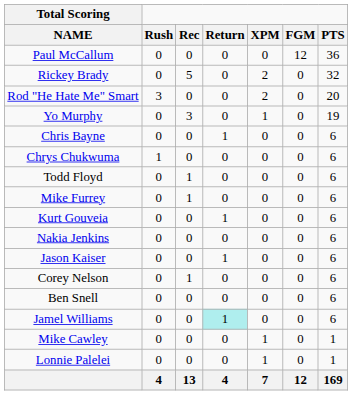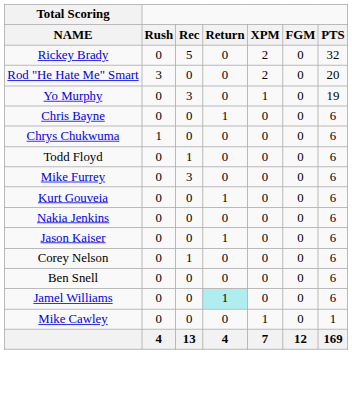 <table class="wikitable sortable" style="text-align:center;">
 <tr>
 <th style="text-align:center;">Total Scoring</th>
 </tr>
 <tr>
 <th>NAME</th>
 <th>Rush</th>
 <th>Rec</th>
 <th>Return</th>
 <th>XPM</th>
 <th>FGM</th>
 <th>PTS</th>
-</tr>
-<tr>
-<td><a href='#'>Paul McCallum</a></td>
-<td>0</td>
-<td>0</td>
-<td>0</td>
-<td>0</td>
-<td>12</td>
-<td>36</td>
 </tr>
 <tr>
 <td><a href='#'>Rickey Brady</a></td>
 <td>0</td>
 <td>5</td>
 <td>0</td>
 <td>2</td>
 <td>0</td>
 <td>32</td>
 </tr>
 <tr>
 <td><a href='#'>Rod "He Hate Me" Smart</a></td>
 <td>3</td>
 <td>0</td>
 <td>0</td>
 <td>2</td>
 <td>0</td>
 <td>20</td>
 </tr>
 <tr>
 <td><a href='#'>Yo Murphy</a></td>
 <td>0</td>
 <td>3</td>
 <td>0</td>
 <td>1</td>
 <td>0</td>
 <td>19</td>
 </tr>
 <tr>
 <td><a href='#'>Chris Bayne</a></td>
 <td>0</td>
 <td>0</td>
 <td><abbr>1</abbr></td>
 <td>0</td>
 <td>0</td>
 <td>6</td>
 </tr>
 <tr>
 <td><a href='#'>Chrys Chukwuma</a></td>
 <td>1</td>
 <td>0</td>
 <td>0</td>
 <td>0</td>
 <td>0</td>
 <td>6</td>
 </tr>
 <tr>
 <td>Todd Floyd</td>
 <td>0</td>
 <td>1</td>
 <td>0</td>
 <td>0</td>
 <td>0</td>
 <td>6</td>
 </tr>
 <tr>
 <td><a href='#'>Mike Furrey</a></td>
 <td>0</td>
-<td>1</td>
+<td>3</td>
 <td>0</td>
 <td>0</td>
 <td>0</td>
 <td>6</td>
 </tr>
 <tr>
 <td><a href='#'>Kurt Gouveia</a></td>
 <td>0</td>
 <td>0</td>
 <td><abbr>1</abbr></td>
 <td>0</td>
 <td>0</td>
 <td>6</td>
 </tr>
 <tr>
 <td><a href='#'>Nakia Jenkins</a></td>
 <td>0</td>
 <td>0</td>
 <td>0</td>
 <td>0</td>
 <td>0</td>
 <td>6</td>
 </tr>
 <tr>
 <td><a href='#'>Jason Kaiser</a></td>
 <td>0</td>
 <td>0</td>
 <td><abbr>1</abbr></td>
 <td>0</td>
 <td>0</td>
 <td>6</td>
 </tr>
 <tr>
 <td>Corey Nelson</td>
 <td>0</td>
 <td>1</td>
 <td>0</td>
 <td>0</td>
 <td>0</td>
 <td>6</td>
 </tr>
 <tr>
 <td>Ben Snell</td>
 <td>0</td>
 <td>0</td>
 <td>0</td>
 <td>0</td>
 <td>0</td>
 <td>6</td>
 </tr>
 <tr>
 <td><a href='#'>Jamel Williams</a></td>
 <td>0</td>
 <td>0</td>
 <td style="background: paleturquoise;"><abbr>1</abbr></td>
 <td>0</td>
 <td>0</td>
 <td>6</td>
 </tr>
 <tr>
 <td><a href='#'>Mike Cawley</a></td>
 <td>0</td>
 <td>0</td>
 <td>0</td>
 <td>1</td>
 <td>0</td>
 <td>1</td>
 </tr>
 <tr>
-<td><a href='#'>Lonnie Palelei</a></td>
-<td>0</td>
-<td>0</td>
-<td>0</td>
-<td>1</td>
-<td>0</td>
-<td>1</td>
-</tr>
-<tr>
 <th colspan="1"></th>
 <th>4</th>
 <th>13</th>
 <th>4</th>
 <th>7</th>
 <th>12</th>
 <th>169</th>
 </tr>
 </table>
